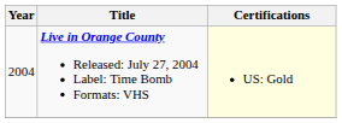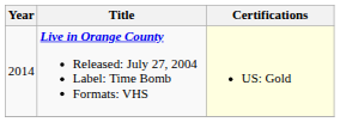 <table class="wikitable">
 <tr>
 <th>Year</th>
 <th width="200">Title</th>
 <th width="150">Certifications</th>
 </tr>
 <tr>
-<td>2004</td>
+<td>2014</td>
 <td><strong><em><a href='#'>Live in Orange County</a></em></strong><br><ul><li>Released: July 27, 2004</li><li>Label: Time Bomb</li><li>Formats: VHS</li></ul></td>
 <td style="background: lightyellow;"><br><ul><li>US: Gold</li></ul></td>
 </tr>
 <tr>
 </tr>
 </table>
